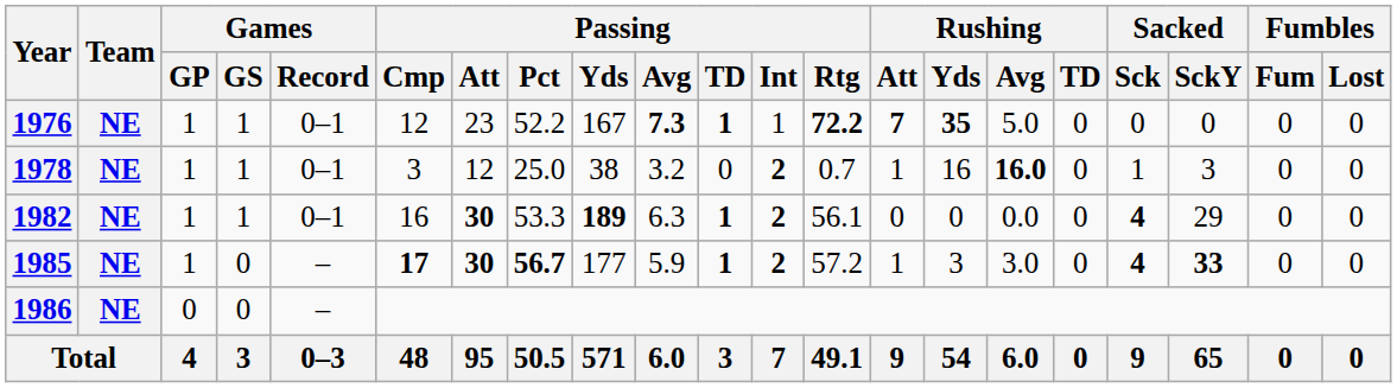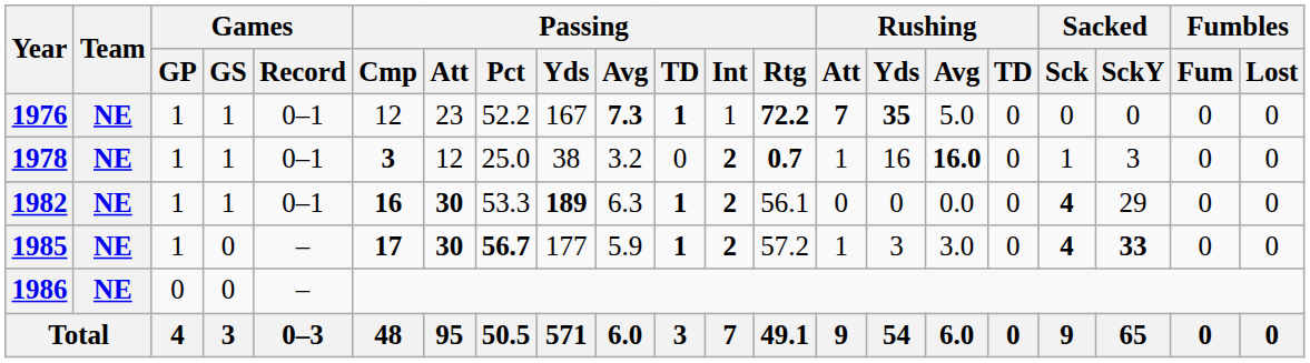 <table class="wikitable" style="text-align: center;">
 <tr>
 <th rowspan="2">Year</th>
 <th rowspan="2">Team</th>
 <th colspan="3">Games</th>
 <th colspan="8">Passing</th>
 <th colspan="4">Rushing</th>
 <th colspan="2">Sacked</th>
 <th colspan="2">Fumbles</th>
 </tr>
 <tr>
 <th>GP</th>
 <th>GS</th>
 <th>Record</th>
 <th>Cmp</th>
 <th>Att</th>
 <th>Pct</th>
 <th>Yds</th>
 <th>Avg</th>
 <th>TD</th>
 <th>Int</th>
 <th>Rtg</th>
 <th>Att</th>
 <th>Yds</th>
 <th>Avg</th>
 <th>TD</th>
 <th>Sck</th>
 <th>SckY</th>
 <th>Fum</th>
 <th>Lost</th>
 </tr>
 <tr>
 <th><a href='#'>1976</a></th>
 <th><a href='#'>NE</a></th>
 <td>1</td>
 <td>1</td>
 <td>0–1</td>
 <td>12</td>
 <td>23</td>
 <td>52.2</td>
 <td>167</td>
 <td><strong>7.3</strong></td>
 <td><strong>1</strong></td>
 <td>1</td>
 <td><strong>72.2</strong></td>
 <td><strong>7</strong></td>
 <td><strong>35</strong></td>
 <td>5.0</td>
 <td>0</td>
 <td>0</td>
 <td>0</td>
 <td>0</td>
 <td>0</td>
 </tr>
 <tr>
 <th><a href='#'>1978</a></th>
 <th><a href='#'>NE</a></th>
 <td>1</td>
 <td>1</td>
 <td>0–1</td>
-<td>3</td>
+<td><strong>3</strong></td>
 <td>12</td>
 <td>25.0</td>
 <td>38</td>
 <td>3.2</td>
 <td>0</td>
 <td><strong>2</strong></td>
-<td>0.7</td>
+<td><strong>0.7</strong></td>
 <td>1</td>
 <td>16</td>
 <td><strong>16.0</strong></td>
 <td>0</td>
 <td>1</td>
 <td>3</td>
 <td>0</td>
 <td>0</td>
 </tr>
 <tr>
 <th><a href='#'>1982</a></th>
 <th><a href='#'>NE</a></th>
 <td>1</td>
 <td>1</td>
 <td>0–1</td>
-<td>16</td>
+<td><strong>16</strong></td>
 <td><strong>30</strong></td>
 <td>53.3</td>
 <td><strong>189</strong></td>
 <td>6.3</td>
 <td><strong>1</strong></td>
 <td><strong>2</strong></td>
 <td>56.1</td>
 <td>0</td>
 <td>0</td>
 <td>0.0</td>
 <td>0</td>
 <td><strong>4</strong></td>
 <td>29</td>
 <td>0</td>
 <td>0</td>
 </tr>
 <tr>
 <th><a href='#'>1985</a></th>
 <th><a href='#'>NE</a></th>
 <td>1</td>
 <td>0</td>
 <td>–</td>
 <td><strong>17</strong></td>
 <td><strong>30</strong></td>
 <td><strong>56.7</strong></td>
 <td>177</td>
 <td>5.9</td>
 <td><strong>1</strong></td>
 <td><strong>2</strong></td>
 <td>57.2</td>
 <td>1</td>
 <td>3</td>
 <td>3.0</td>
 <td>0</td>
 <td><strong>4</strong></td>
 <td><strong>33</strong></td>
 <td>0</td>
 <td>0</td>
 </tr>
 <tr>
 <th><a href='#'>1986</a></th>
 <th><a href='#'>NE</a></th>
 <td>0</td>
 <td>0</td>
 <td>–</td>
 <td colspan="16"></td>
 </tr>
 <tr>
 <th colspan="2">Total</th>
 <th>4</th>
 <th>3</th>
 <th>0–3</th>
 <th>48</th>
 <th>95</th>
 <th>50.5</th>
 <th>571</th>
 <th>6.0</th>
 <th>3</th>
 <th>7</th>
 <th>49.1</th>
 <th>9</th>
 <th>54</th>
 <th>6.0</th>
 <th>0</th>
 <th>9</th>
 <th>65</th>
 <th>0</th>
 <th>0</th>
 </tr>
 </table>
